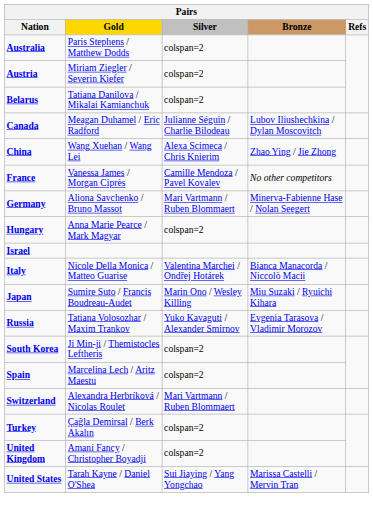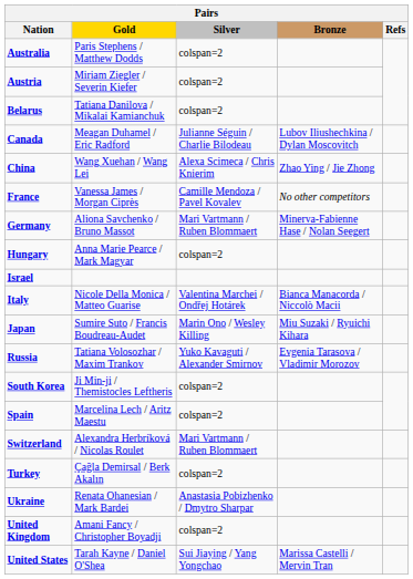 <table class="wikitable">
 <tr>
 <th colspan=5>Pairs</th>
 </tr>
 <tr>
 <th>Nation</th>
 <td style="text-align:center; background:gold;"><strong>Gold</strong></td>
 <td style="text-align:center; background:silver;"><strong>Silver</strong></td>
 <td style="text-align:center; background:#c96;"><strong>Bronze</strong></td>
 <th>Refs</th>
 </tr>
 <tr>
 <td><strong><a href='#'>Australia</a></strong></td>
 <td><a href='#'>Paris Stephens</a> / <a href='#'>Matthew Dodds</a></td>
 <td>colspan=2 </td>
 <td></td>
 </tr>
 <tr>
 <td><strong><a href='#'>Austria</a></strong></td>
 <td><a href='#'>Miriam Ziegler</a> / <a href='#'>Severin Kiefer</a></td>
 <td>colspan=2 </td>
 <td></td>
 </tr>
 <tr>
 <td><strong><a href='#'>Belarus</a></strong></td>
 <td><a href='#'>Tatiana Danilova</a> / <a href='#'>Mikalai Kamianchuk</a></td>
 <td>colspan=2 </td>
 <td></td>
 </tr>
 <tr>
 <td><strong><a href='#'>Canada</a></strong></td>
 <td><a href='#'>Meagan Duhamel</a> / <a href='#'>Eric Radford</a></td>
 <td><a href='#'>Julianne Séguin</a> / <a href='#'>Charlie Bilodeau</a></td>
 <td><a href='#'>Lubov Iliushechkina</a> / <a href='#'>Dylan Moscovitch</a></td>
 <td></td>
 </tr>
 <tr>
 <td><strong><a href='#'>China</a></strong></td>
 <td><a href='#'>Wang Xuehan</a> / <a href='#'>Wang Lei</a></td>
 <td><a href='#'>Alexa Scimeca</a> / <a href='#'>Chris Knierim</a></td>
 <td><a href='#'>Zhao Ying</a> / <a href='#'>Jie Zhong</a></td>
 <td></td>
 </tr>
 <tr>
 <td><strong><a href='#'>France</a></strong></td>
 <td><a href='#'>Vanessa James</a> / <a href='#'>Morgan Ciprès</a></td>
 <td><a href='#'>Camille Mendoza</a> / <a href='#'>Pavel Kovalev</a></td>
 <td><em>No other competitors</em></td>
 <td></td>
 </tr>
 <tr>
 <td><strong><a href='#'>Germany</a></strong></td>
 <td><a href='#'>Aliona Savchenko</a> / <a href='#'>Bruno Massot</a></td>
 <td><a href='#'>Mari Vartmann</a> / <a href='#'>Ruben Blommaert</a></td>
 <td><a href='#'>Minerva-Fabienne Hase</a> / <a href='#'>Nolan Seegert</a></td>
 <td></td>
 </tr>
 <tr>
 <td><strong><a href='#'>Hungary</a></strong></td>
 <td><a href='#'>Anna Marie Pearce</a> / <a href='#'>Mark Magyar</a></td>
 <td>colspan=2 </td>
 <td></td>
 </tr>
 <tr>
 <td><strong><a href='#'>Israel</a></strong></td>
 <td></td>
 <td></td>
 <td></td>
 <td></td>
 </tr>
 <tr>
 <td><strong><a href='#'>Italy</a></strong></td>
 <td><a href='#'>Nicole Della Monica</a> / <a href='#'>Matteo Guarise</a></td>
 <td><a href='#'>Valentina Marchei</a> / <a href='#'>Ondřej Hotárek</a></td>
 <td><a href='#'>Bianca Manacorda</a> / <a href='#'>Niccolò Macii</a></td>
 <td></td>
 </tr>
 <tr>
 <td><strong><a href='#'>Japan</a></strong></td>
 <td><a href='#'>Sumire Suto</a> / <a href='#'>Francis Boudreau-Audet</a></td>
 <td><a href='#'>Marin Ono</a> / <a href='#'>Wesley Killing</a></td>
 <td><a href='#'>Miu Suzaki</a> / <a href='#'>Ryuichi Kihara</a></td>
 <td></td>
 </tr>
 <tr>
 <td><strong><a href='#'>Russia</a></strong></td>
 <td><a href='#'>Tatiana Volosozhar</a> / <a href='#'>Maxim Trankov</a></td>
 <td><a href='#'>Yuko Kavaguti</a> / <a href='#'>Alexander Smirnov</a></td>
 <td><a href='#'>Evgenia Tarasova</a> / <a href='#'>Vladimir Morozov</a></td>
 <td></td>
 </tr>
 <tr>
 <td><strong><a href='#'>South Korea</a></strong></td>
 <td><a href='#'>Ji Min-ji</a> / <a href='#'>Themistocles Leftheris</a></td>
 <td>colspan=2 </td>
 <td></td>
 </tr>
 <tr>
 <td><strong><a href='#'>Spain</a></strong></td>
 <td><a href='#'>Marcelina Lech</a> / <a href='#'>Aritz Maestu</a></td>
 <td>colspan=2 </td>
 <td></td>
 </tr>
 <tr>
 <td><strong><a href='#'>Switzerland</a></strong></td>
 <td><a href='#'>Alexandra Herbríková</a> / <a href='#'>Nicolas Roulet</a></td>
 <td><a href='#'>Mari Vartmann</a> / <a href='#'>Ruben Blommaert</a></td>
 <td></td>
 <td></td>
 </tr>
 <tr>
 <td><strong><a href='#'>Turkey</a></strong></td>
 <td><a href='#'>Çağla Demirsal</a> / <a href='#'>Berk Akalın</a></td>
 <td>colspan=2 </td>
 <td></td>
 </tr>
 <tr>
+<td><strong><a href='#'>Ukraine</a></strong></td>
+<td><a href='#'>Renata Ohanesian</a> / <a href='#'>Mark Bardei</a></td>
+<td><a href='#'>Anastasia Pobizhenko</a> / <a href='#'>Dmytro Sharpar</a></td>
+<td></td>
+<td></td>
+</tr>
+<tr>
 <td><strong><a href='#'>United Kingdom</a></strong></td>
 <td><a href='#'>Amani Fancy</a> / <a href='#'>Christopher Boyadji</a></td>
 <td>colspan=2 </td>
 <td></td>
 </tr>
 <tr>
 <td><strong><a href='#'>United States</a></strong></td>
 <td><a href='#'>Tarah Kayne</a> / <a href='#'>Daniel O'Shea</a></td>
 <td><a href='#'>Sui Jiaying</a> / <a href='#'>Yang Yongchao</a></td>
 <td><a href='#'>Marissa Castelli</a> / <a href='#'>Mervin Tran</a></td>
 <td></td>
 </tr>
 </table>
